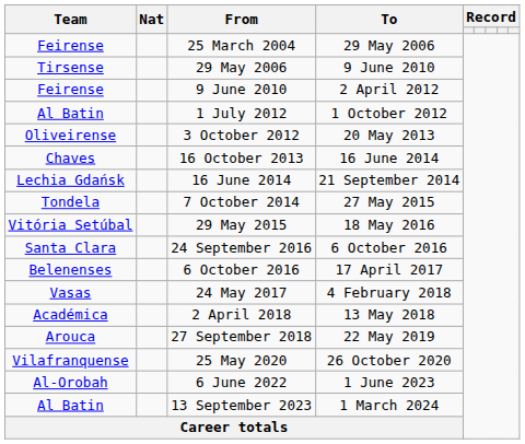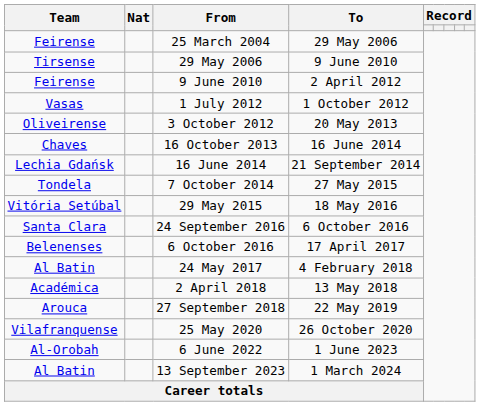 <table class="wikitable" style="text-align: center">
 <tr>
 <th rowspan=2>Team</th>
 <th rowspan=2>Nat</th>
 <th rowspan=2>From</th>
 <th rowspan=2>To</th>
 <th colspan=8>Record</th>
 </tr>
 <tr>
 <th></th>
 <th></th>
 <th></th>
 <th></th>
 <th></th>
 </tr>
 <tr>
 <td><a href='#'>Feirense</a></td>
 <td></td>
 <td>25 March 2004</td>
 <td>29 May 2006<br></td>
 </tr>
 <tr>
 <td><a href='#'>Tirsense</a></td>
 <td></td>
 <td>29 May 2006</td>
 <td>9 June 2010<br></td>
 </tr>
 <tr>
 <td><a href='#'>Feirense</a></td>
 <td></td>
 <td>9 June 2010</td>
 <td>2 April 2012<br></td>
 </tr>
 <tr>
-<td><a href='#'>Al Batin</a></td>
+<td><a href='#'>Vasas</a></td>
 <td></td>
 <td>1 July 2012</td>
 <td>1 October 2012<br></td>
 </tr>
 <tr>
 <td><a href='#'>Oliveirense</a></td>
 <td></td>
 <td>3 October 2012</td>
 <td>20 May 2013<br></td>
 </tr>
 <tr>
 <td><a href='#'>Chaves</a></td>
 <td></td>
 <td>16 October 2013</td>
 <td>16 June 2014<br></td>
 </tr>
 <tr>
 <td><a href='#'>Lechia Gdańsk</a></td>
 <td></td>
 <td>16 June 2014</td>
 <td>21 September 2014<br></td>
 </tr>
 <tr>
 <td><a href='#'>Tondela</a></td>
 <td></td>
 <td>7 October 2014</td>
 <td>27 May 2015<br></td>
 </tr>
 <tr>
 <td><a href='#'>Vitória Setúbal</a></td>
 <td></td>
 <td>29 May 2015</td>
 <td>18 May 2016<br></td>
 </tr>
 <tr>
 <td><a href='#'>Santa Clara</a></td>
 <td></td>
 <td>24 September 2016</td>
 <td>6 October 2016<br></td>
 </tr>
 <tr>
 <td><a href='#'>Belenenses</a></td>
 <td></td>
 <td>6 October 2016</td>
 <td>17 April 2017<br></td>
 </tr>
 <tr>
-<td><a href='#'>Vasas</a></td>
+<td><a href='#'>Al Batin</a></td>
 <td></td>
 <td>24 May 2017</td>
 <td>4 February 2018<br></td>
 </tr>
 <tr>
 <td><a href='#'>Académica</a></td>
 <td></td>
 <td>2 April 2018</td>
 <td>13 May 2018<br></td>
 </tr>
 <tr>
 <td><a href='#'>Arouca</a></td>
 <td></td>
 <td>27 September 2018</td>
 <td>22 May 2019<br></td>
 </tr>
 <tr>
 <td><a href='#'>Vilafranquense</a></td>
 <td></td>
 <td>25 May 2020</td>
 <td>26 October 2020<br></td>
 </tr>
 <tr>
 <td><a href='#'>Al-Orobah</a></td>
 <td></td>
 <td>6 June 2022</td>
 <td>1 June 2023<br></td>
 </tr>
 <tr>
 <td><a href='#'>Al Batin</a></td>
 <td></td>
 <td>13 September 2023</td>
 <td>1 March 2024<br></td>
 </tr>
 <tr>
 <th colspan=4>Career totals<br></th>
 </tr>
 </table>
